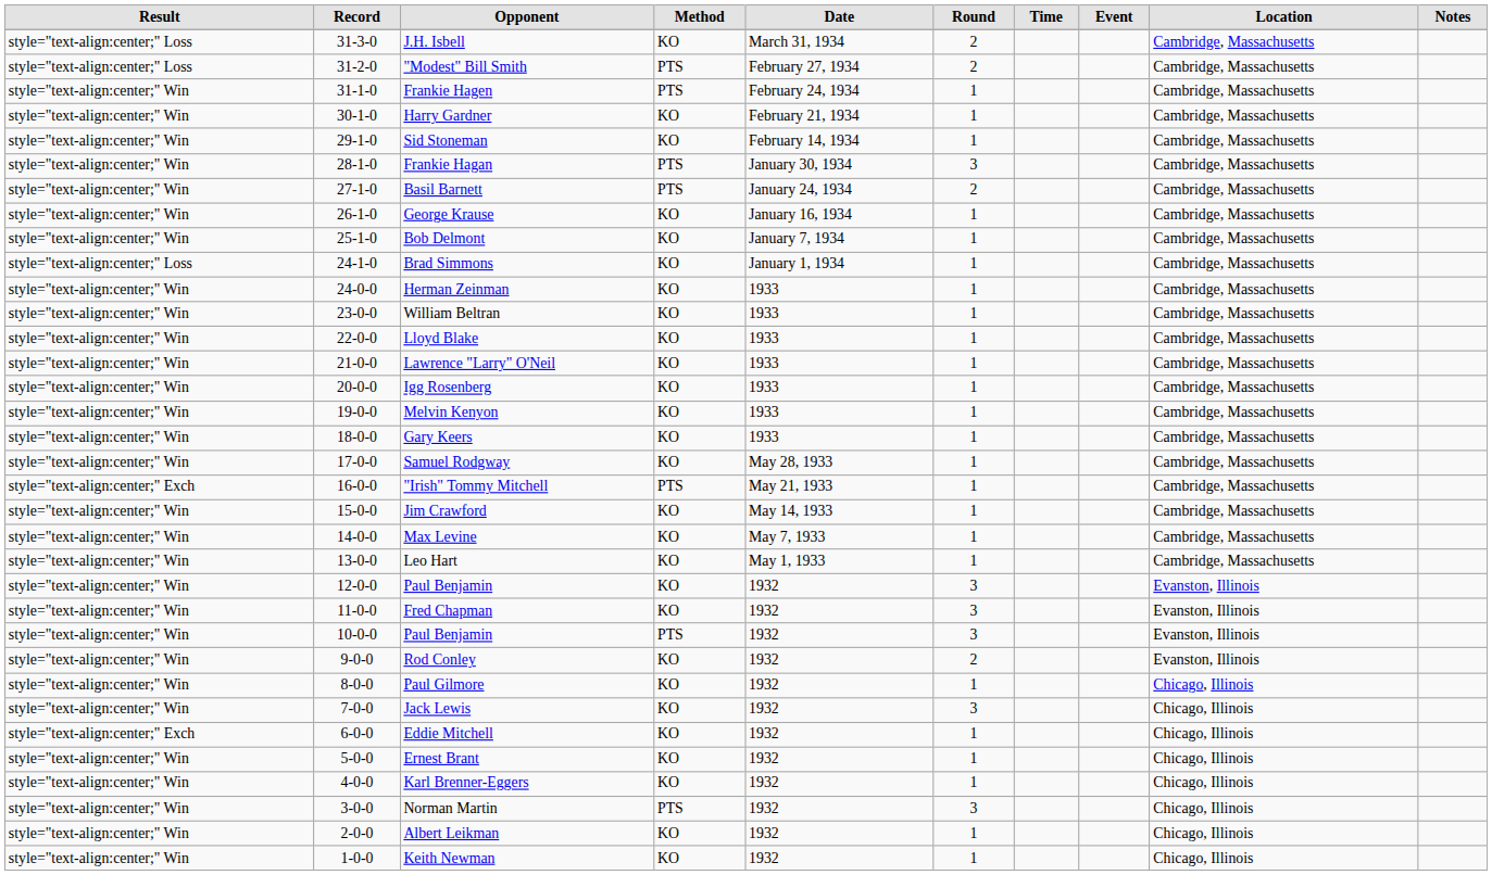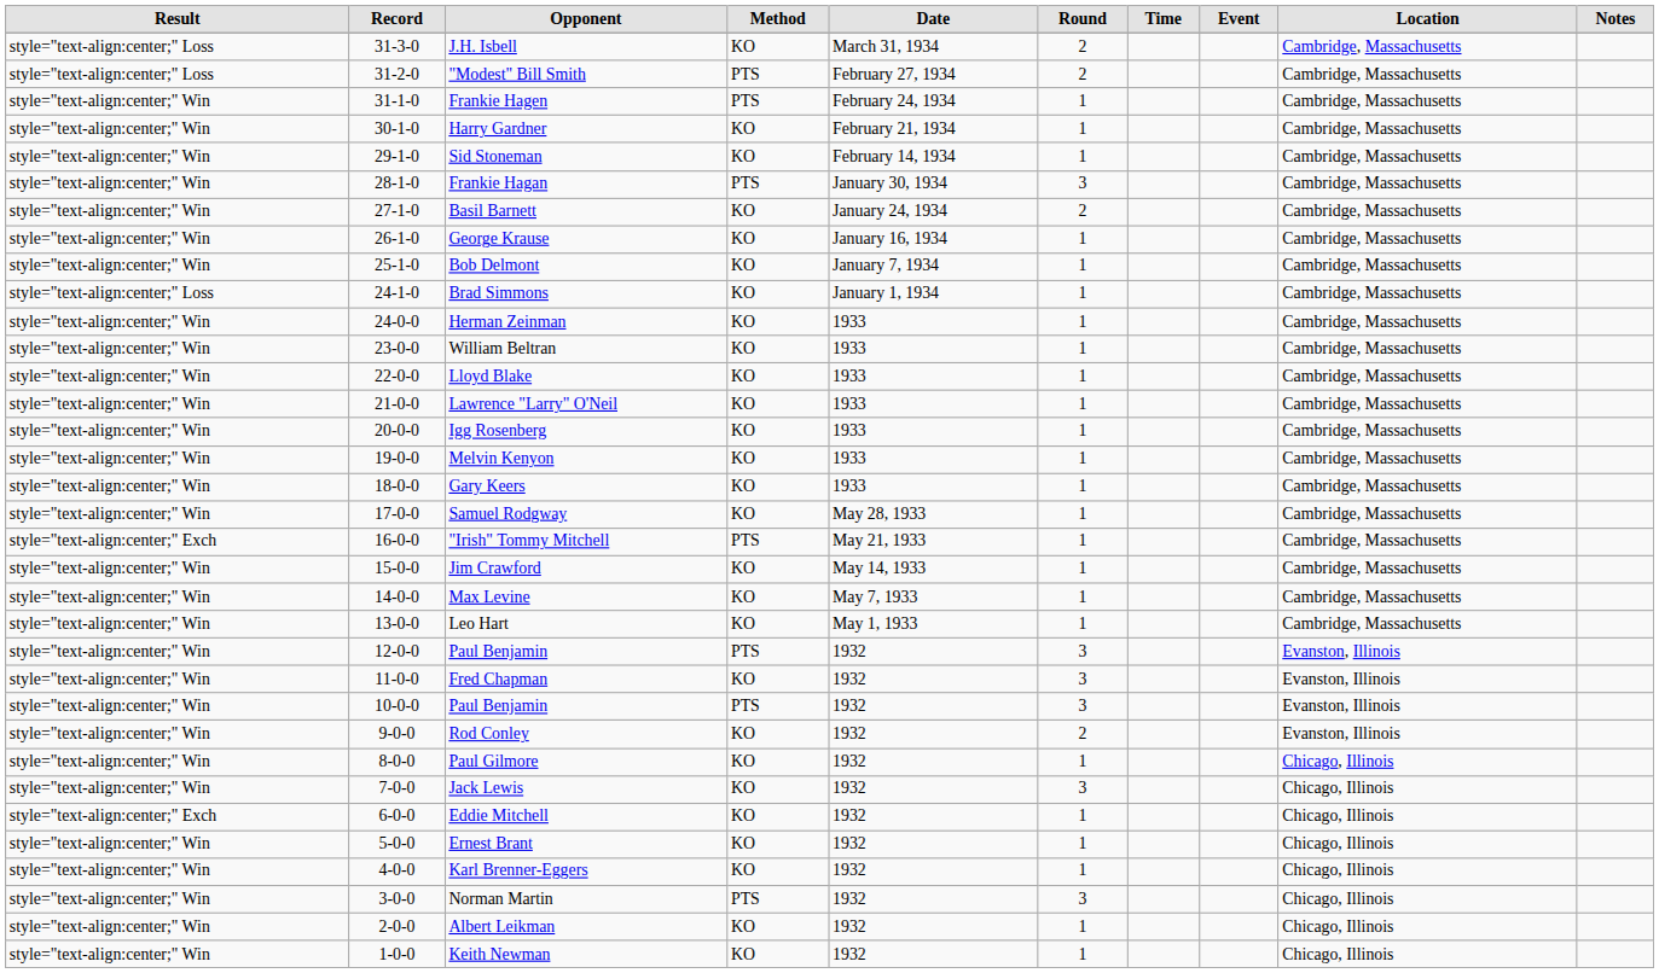 <table class="wikitable sortable" style="font-size:80%; text-align:left; width:100%;">
 <tr style="margin:0.5em auto; font-size:100%;">
 <th style="border-style:none none solid solid; background:#e3e3e3;">Result</th>
 <th style="border-style:none none solid solid; background:#e3e3e3;">Record</th>
 <th style="border-style:none none solid solid; background:#e3e3e3;">Opponent</th>
 <th style="border-style:none none solid solid; background:#e3e3e3;">Method</th>
 <th style="border-style:none none solid solid; background:#e3e3e3;">Date</th>
 <th style="border-style:none none solid solid; background:#e3e3e3;">Round</th>
 <th style="border-style:none none solid solid; background:#e3e3e3;">Time</th>
 <th style="border-style:none none solid solid; background:#e3e3e3;">Event</th>
 <th style="border-style:none none solid solid; background:#e3e3e3;">Location</th>
 <th style="border-style:none none solid solid; background:#e3e3e3;">Notes</th>
 </tr>
 <tr>
 </tr>
 <tr>
 <td>style="text-align:center;" Loss</td>
 <td style="text-align:center;">31-3-0</td>
 <td align='left'> <a href='#'>J.H. Isbell</a></td>
 <td align='left'>KO</td>
 <td align='left'>March 31, 1934</td>
 <td style="text-align:center;">2</td>
 <td style="text-align:center;"></td>
 <td align='left'></td>
 <td><a href='#'>Cambridge</a>, <a href='#'>Massachusetts</a></td>
 <td></td>
 </tr>
 <tr>
 <td>style="text-align:center;" Loss</td>
 <td style="text-align:center;">31-2-0</td>
 <td align='left'> <a href='#'>"Modest" Bill Smith</a></td>
 <td align='left'>PTS</td>
 <td align='left'>February 27, 1934</td>
 <td style="text-align:center;">2</td>
 <td style="text-align:center;"></td>
 <td align='left'></td>
 <td>Cambridge, Massachusetts</td>
 <td></td>
 </tr>
 <tr>
 <td>style="text-align:center;" Win</td>
 <td style="text-align:center;">31-1-0</td>
 <td align='left'><a href='#'>Frankie Hagen</a></td>
 <td align='left'>PTS</td>
 <td align='left'>February 24, 1934</td>
 <td style="text-align:center;">1</td>
 <td style="text-align:center;"></td>
 <td align='left'></td>
 <td>Cambridge, Massachusetts</td>
 <td></td>
 </tr>
 <tr>
 <td>style="text-align:center;" Win</td>
 <td style="text-align:center;">30-1-0</td>
 <td align='left'><a href='#'>Harry Gardner</a></td>
 <td align='left'>KO</td>
 <td align='left'>February 21, 1934</td>
 <td style="text-align:center;">1</td>
 <td style="text-align:center;"></td>
 <td align='left'></td>
 <td>Cambridge, Massachusetts</td>
 <td></td>
 </tr>
 <tr>
 <td>style="text-align:center;" Win</td>
 <td style="text-align:center;">29-1-0</td>
 <td align='left'><a href='#'>Sid Stoneman</a></td>
 <td align='left'>KO</td>
 <td align='left'>February 14, 1934</td>
 <td style="text-align:center;">1</td>
 <td style="text-align:center;"></td>
 <td align='left'></td>
 <td>Cambridge, Massachusetts</td>
 <td></td>
 </tr>
 <tr>
 <td>style="text-align:center;" Win</td>
 <td style="text-align:center;">28-1-0</td>
 <td align='left'><a href='#'>Frankie Hagan</a></td>
 <td align='left'>PTS</td>
 <td align='left'>January 30, 1934</td>
 <td style="text-align:center;">3</td>
 <td style="text-align:center;"></td>
 <td align='left'></td>
 <td>Cambridge, Massachusetts</td>
 <td></td>
 </tr>
 <tr>
 <td>style="text-align:center;" Win</td>
 <td style="text-align:center;">27-1-0</td>
 <td align='left'><a href='#'>Basil Barnett</a></td>
-<td align='left'>PTS</td>
+<td align='left'>KO</td>
 <td align='left'>January 24, 1934</td>
 <td style="text-align:center;">2</td>
 <td style="text-align:center;"></td>
 <td align='left'></td>
 <td>Cambridge, Massachusetts</td>
 <td></td>
 </tr>
 <tr>
 <td>style="text-align:center;" Win</td>
 <td style="text-align:center;">26-1-0</td>
 <td align='left'><a href='#'>George Krause</a></td>
 <td align='left'>KO</td>
 <td align='left'>January 16, 1934</td>
 <td style="text-align:center;">1</td>
 <td style="text-align:center;"></td>
 <td align='left'></td>
 <td>Cambridge, Massachusetts</td>
 <td></td>
 </tr>
 <tr>
 <td>style="text-align:center;" Win</td>
 <td style="text-align:center;">25-1-0</td>
 <td align='left'><a href='#'>Bob Delmont</a></td>
 <td align='left'>KO</td>
 <td align='left'>January 7, 1934</td>
 <td style="text-align:center;">1</td>
 <td style="text-align:center;"></td>
 <td align='left'></td>
 <td>Cambridge, Massachusetts</td>
 <td></td>
 </tr>
 <tr>
 <td>style="text-align:center;" Loss</td>
 <td style="text-align:center;">24-1-0</td>
 <td align='left'><a href='#'>Brad Simmons</a></td>
 <td align='left'>KO</td>
 <td align='left'>January 1, 1934</td>
 <td style="text-align:center;">1</td>
 <td style="text-align:center;"></td>
 <td align='left'></td>
 <td>Cambridge, Massachusetts</td>
 <td></td>
 </tr>
 <tr>
 <td>style="text-align:center;" Win</td>
 <td style="text-align:center;">24-0-0</td>
 <td align='left'><a href='#'>Herman Zeinman</a></td>
 <td align='left'>KO</td>
 <td align='left'>1933</td>
 <td style="text-align:center;">1</td>
 <td style="text-align:center;"></td>
 <td align='left'></td>
 <td>Cambridge, Massachusetts</td>
 <td></td>
 </tr>
 <tr>
 <td>style="text-align:center;" Win</td>
 <td style="text-align:center;">23-0-0</td>
 <td align='left'>William Beltran</td>
 <td align='left'>KO</td>
 <td align='left'>1933</td>
 <td style="text-align:center;">1</td>
 <td style="text-align:center;"></td>
 <td align='left'></td>
 <td>Cambridge, Massachusetts</td>
 <td></td>
 </tr>
 <tr>
 <td>style="text-align:center;" Win</td>
 <td style="text-align:center;">22-0-0</td>
 <td align='left'><a href='#'>Lloyd Blake</a></td>
 <td align='left'>KO</td>
 <td align='left'>1933</td>
 <td style="text-align:center;">1</td>
 <td style="text-align:center;"></td>
 <td align='left'></td>
 <td>Cambridge, Massachusetts</td>
 <td></td>
 </tr>
 <tr>
 <td>style="text-align:center;" Win</td>
 <td style="text-align:center;">21-0-0</td>
 <td align='left'><a href='#'>Lawrence "Larry" O'Neil</a></td>
 <td align='left'>KO</td>
 <td align='left'>1933</td>
 <td style="text-align:center;">1</td>
 <td style="text-align:center;"></td>
 <td align='left'></td>
 <td>Cambridge, Massachusetts</td>
 <td></td>
 </tr>
 <tr>
 <td>style="text-align:center;" Win</td>
 <td style="text-align:center;">20-0-0</td>
 <td align='left'><a href='#'>Igg Rosenberg</a></td>
 <td align='left'>KO</td>
 <td align='left'>1933</td>
 <td style="text-align:center;">1</td>
 <td style="text-align:center;"></td>
 <td align='left'></td>
 <td>Cambridge, Massachusetts</td>
 <td></td>
 </tr>
 <tr>
 <td>style="text-align:center;" Win</td>
 <td style="text-align:center;">19-0-0</td>
 <td align='left'><a href='#'>Melvin Kenyon</a></td>
 <td align='left'>KO</td>
 <td align='left'>1933</td>
 <td style="text-align:center;">1</td>
 <td style="text-align:center;"></td>
 <td align='left'></td>
 <td>Cambridge, Massachusetts</td>
 <td></td>
 </tr>
 <tr>
 <td>style="text-align:center;" Win</td>
 <td style="text-align:center;">18-0-0</td>
 <td align='left'><a href='#'>Gary Keers</a></td>
 <td align='left'>KO</td>
 <td align='left'>1933</td>
 <td style="text-align:center;">1</td>
 <td style="text-align:center;"></td>
 <td align='left'></td>
 <td>Cambridge, Massachusetts</td>
 <td></td>
 </tr>
 <tr>
 <td>style="text-align:center;" Win</td>
 <td style="text-align:center;">17-0-0</td>
 <td align='left'><a href='#'>Samuel Rodgway</a></td>
 <td align='left'>KO</td>
 <td align='left'>May 28, 1933</td>
 <td style="text-align:center;">1</td>
 <td style="text-align:center;"></td>
 <td align='left'></td>
 <td>Cambridge, Massachusetts</td>
 <td></td>
 </tr>
 <tr>
 <td>style="text-align:center;" Exch</td>
 <td style="text-align:center;">16-0-0</td>
 <td align='left'><a href='#'>"Irish" Tommy Mitchell</a></td>
 <td align='left'>PTS</td>
 <td align='left'>May 21, 1933</td>
 <td style="text-align:center;">1</td>
 <td style="text-align:center;"></td>
 <td align='left'></td>
 <td>Cambridge, Massachusetts</td>
 <td></td>
 </tr>
 <tr>
 <td>style="text-align:center;" Win</td>
 <td style="text-align:center;">15-0-0</td>
 <td align='left'><a href='#'>Jim Crawford</a></td>
 <td align='left'>KO</td>
 <td align='left'>May 14, 1933</td>
 <td style="text-align:center;">1</td>
 <td style="text-align:center;"></td>
 <td align='left'></td>
 <td>Cambridge, Massachusetts</td>
 <td></td>
 </tr>
 <tr>
 <td>style="text-align:center;" Win</td>
 <td style="text-align:center;">14-0-0</td>
 <td align='left'><a href='#'>Max Levine</a></td>
 <td align='left'>KO</td>
 <td align='left'>May 7, 1933</td>
 <td style="text-align:center;">1</td>
 <td style="text-align:center;"></td>
 <td align='left'></td>
 <td>Cambridge, Massachusetts</td>
 <td></td>
 </tr>
 <tr>
 <td>style="text-align:center;" Win</td>
 <td style="text-align:center;">13-0-0</td>
 <td align='left'>Leo Hart</td>
 <td align='left'>KO</td>
 <td align='left'>May 1, 1933</td>
 <td style="text-align:center;">1</td>
 <td style="text-align:center;"></td>
 <td align='left'></td>
 <td>Cambridge, Massachusetts</td>
 <td></td>
 </tr>
 <tr>
 <td>style="text-align:center;" Win</td>
 <td style="text-align:center;">12-0-0</td>
 <td align='left'><a href='#'>Paul Benjamin</a></td>
-<td align='left'>KO</td>
+<td align='left'>PTS</td>
 <td align='left'>1932</td>
 <td style="text-align:center;">3</td>
 <td style="text-align:center;"></td>
 <td align='left'></td>
 <td><a href='#'>Evanston</a>, <a href='#'>Illinois</a></td>
 <td></td>
 </tr>
 <tr>
 <td>style="text-align:center;" Win</td>
 <td style="text-align:center;">11-0-0</td>
 <td align='left'><a href='#'>Fred Chapman</a></td>
 <td align='left'>KO</td>
 <td align='left'>1932</td>
 <td style="text-align:center;">3</td>
 <td style="text-align:center;"></td>
 <td align='left'></td>
 <td>Evanston, Illinois</td>
 <td></td>
 </tr>
 <tr>
 <td>style="text-align:center;" Win</td>
 <td style="text-align:center;">10-0-0</td>
 <td align='left'><a href='#'>Paul Benjamin</a></td>
 <td align='left'>PTS</td>
 <td align='left'>1932</td>
 <td style="text-align:center;">3</td>
 <td style="text-align:center;"></td>
 <td align='left'></td>
 <td>Evanston, Illinois</td>
 <td></td>
 </tr>
 <tr>
 <td>style="text-align:center;" Win</td>
 <td style="text-align:center;">9-0-0</td>
 <td align='left'><a href='#'>Rod Conley</a></td>
 <td align='left'>KO</td>
 <td align='left'>1932</td>
 <td style="text-align:center;">2</td>
 <td style="text-align:center;"></td>
 <td align='left'></td>
 <td>Evanston, Illinois</td>
 <td></td>
 </tr>
 <tr>
 <td>style="text-align:center;" Win</td>
 <td style="text-align:center;">8-0-0</td>
 <td align='left'><a href='#'>Paul Gilmore</a></td>
 <td align='left'>KO</td>
 <td align='left'>1932</td>
 <td style="text-align:center;">1</td>
 <td style="text-align:center;"></td>
 <td align='left'></td>
 <td><a href='#'>Chicago</a>, <a href='#'>Illinois</a></td>
 <td></td>
 </tr>
 <tr>
 <td>style="text-align:center;" Win</td>
 <td style="text-align:center;">7-0-0</td>
 <td align='left'><a href='#'>Jack Lewis</a></td>
 <td align='left'>KO</td>
 <td align='left'>1932</td>
 <td style="text-align:center;">3</td>
 <td style="text-align:center;"></td>
 <td align='left'></td>
 <td>Chicago, Illinois</td>
 <td></td>
 </tr>
 <tr>
 <td>style="text-align:center;" Exch</td>
 <td style="text-align:center;">6-0-0</td>
 <td align='left'><a href='#'>Eddie Mitchell</a></td>
 <td align='left'>KO</td>
 <td align='left'>1932</td>
 <td style="text-align:center;">1</td>
 <td style="text-align:center;"></td>
 <td align='left'></td>
 <td>Chicago, Illinois</td>
 <td></td>
 </tr>
 <tr>
 <td>style="text-align:center;" Win</td>
 <td style="text-align:center;">5-0-0</td>
 <td align='left'><a href='#'>Ernest Brant</a></td>
 <td align='left'>KO</td>
 <td align='left'>1932</td>
 <td style="text-align:center;">1</td>
 <td style="text-align:center;"></td>
 <td align='left'></td>
 <td>Chicago, Illinois</td>
 <td></td>
 </tr>
 <tr>
 <td>style="text-align:center;" Win</td>
 <td style="text-align:center;">4-0-0</td>
 <td align='left'><a href='#'>Karl Brenner-Eggers</a></td>
 <td align='left'>KO</td>
 <td align='left'>1932</td>
 <td style="text-align:center;">1</td>
 <td style="text-align:center;"></td>
 <td align='left'></td>
 <td>Chicago, Illinois</td>
 <td></td>
 </tr>
 <tr>
 <td>style="text-align:center;" Win</td>
 <td style="text-align:center;">3-0-0</td>
 <td align='left'>Norman Martin</td>
 <td align='left'>PTS</td>
 <td align='left'>1932</td>
 <td style="text-align:center;">3</td>
 <td style="text-align:center;"></td>
 <td align='left'></td>
 <td>Chicago, Illinois</td>
 <td></td>
 </tr>
 <tr>
 <td>style="text-align:center;" Win</td>
 <td style="text-align:center;">2-0-0</td>
 <td align='left'><a href='#'>Albert Leikman</a></td>
 <td align='left'>KO</td>
 <td align='left'>1932</td>
 <td style="text-align:center;">1</td>
 <td style="text-align:center;"></td>
 <td align='left'></td>
 <td>Chicago, Illinois</td>
 <td></td>
 </tr>
 <tr>
 <td>style="text-align:center;" Win</td>
 <td style="text-align:center;">1-0-0</td>
 <td align='left'><a href='#'>Keith Newman</a></td>
 <td align='left'>KO</td>
 <td align='left'>1932</td>
 <td style="text-align:center;">1</td>
 <td style="text-align:center;"></td>
 <td align='left'></td>
 <td>Chicago, Illinois</td>
 <td></td>
 </tr>
 <tr>
 </tr>
 </table>
